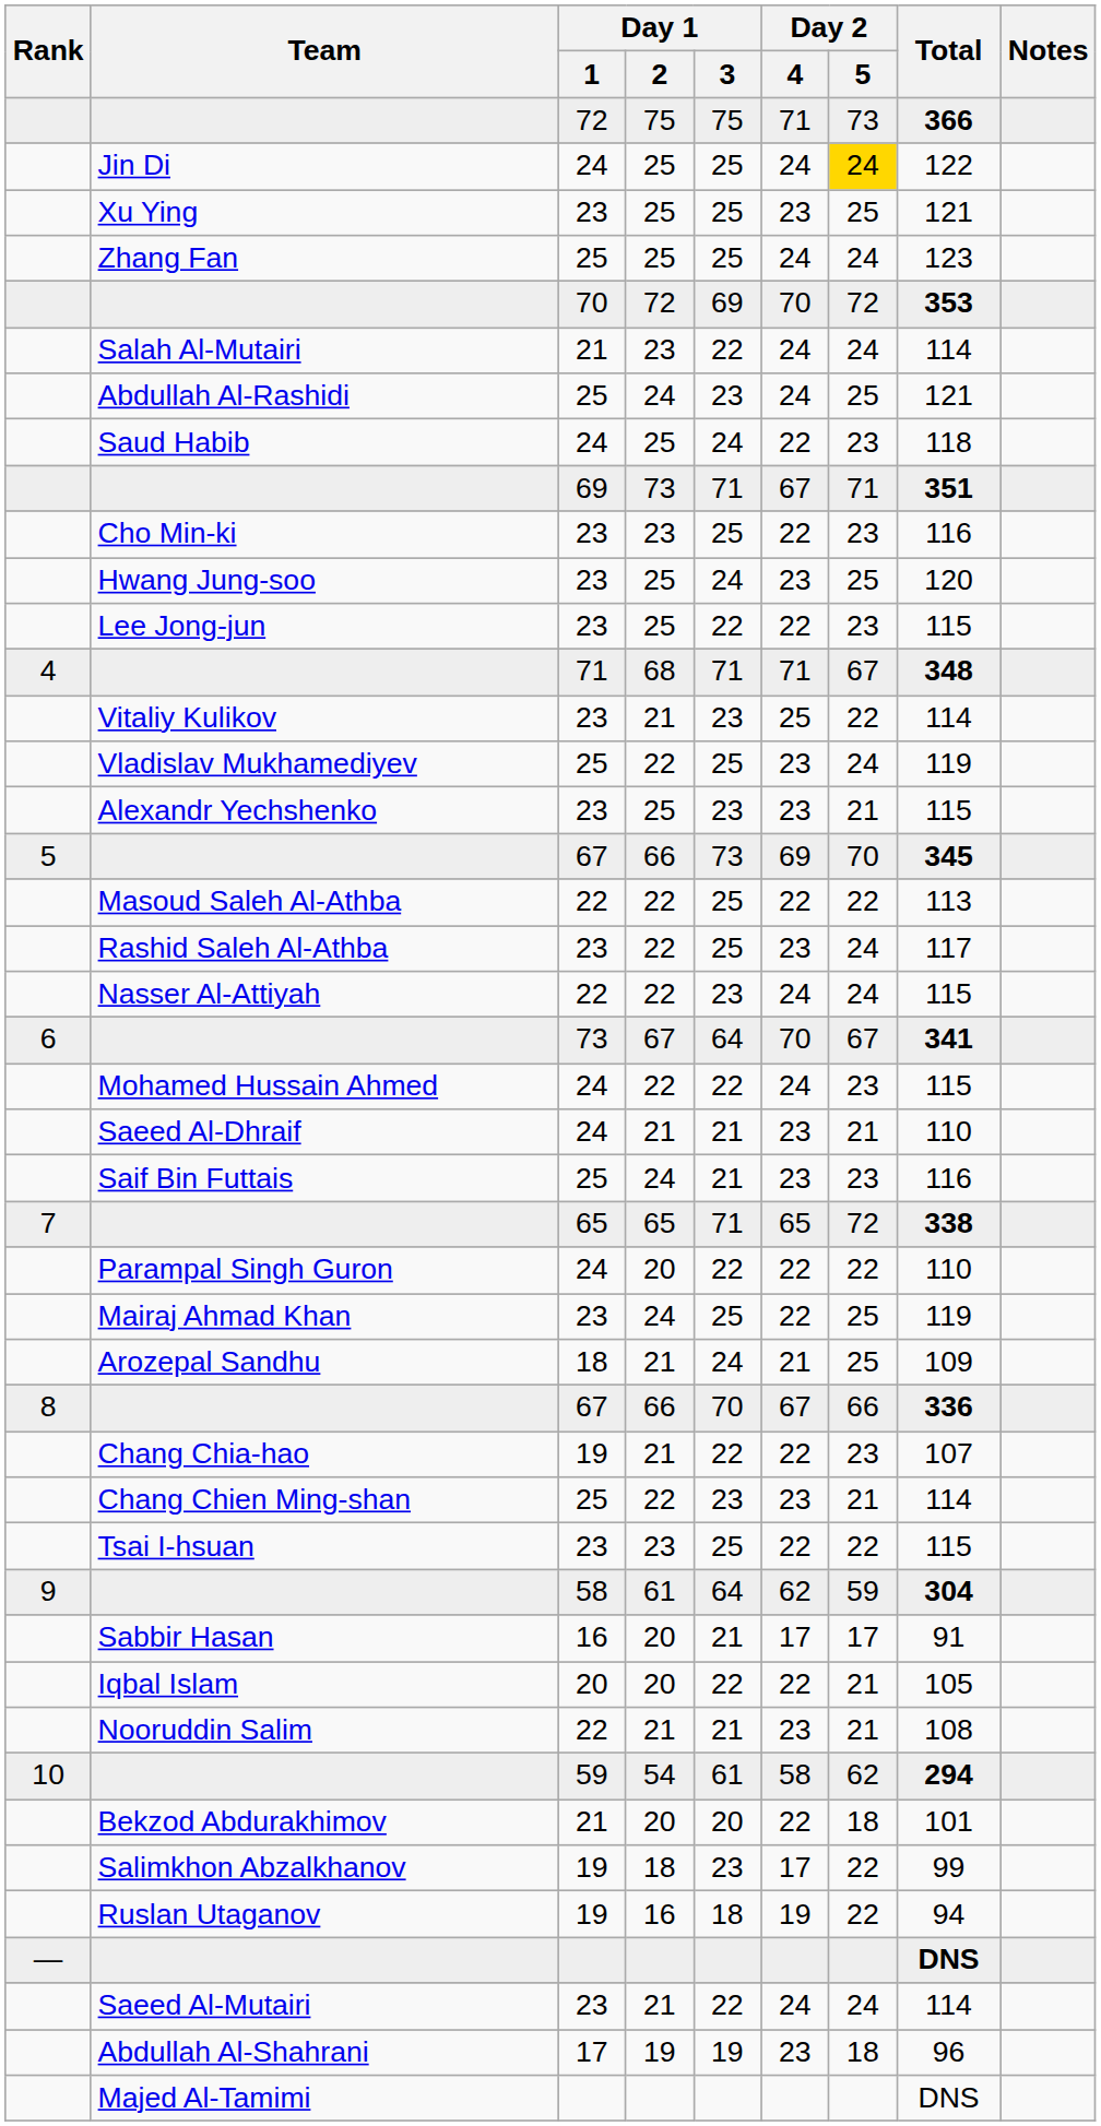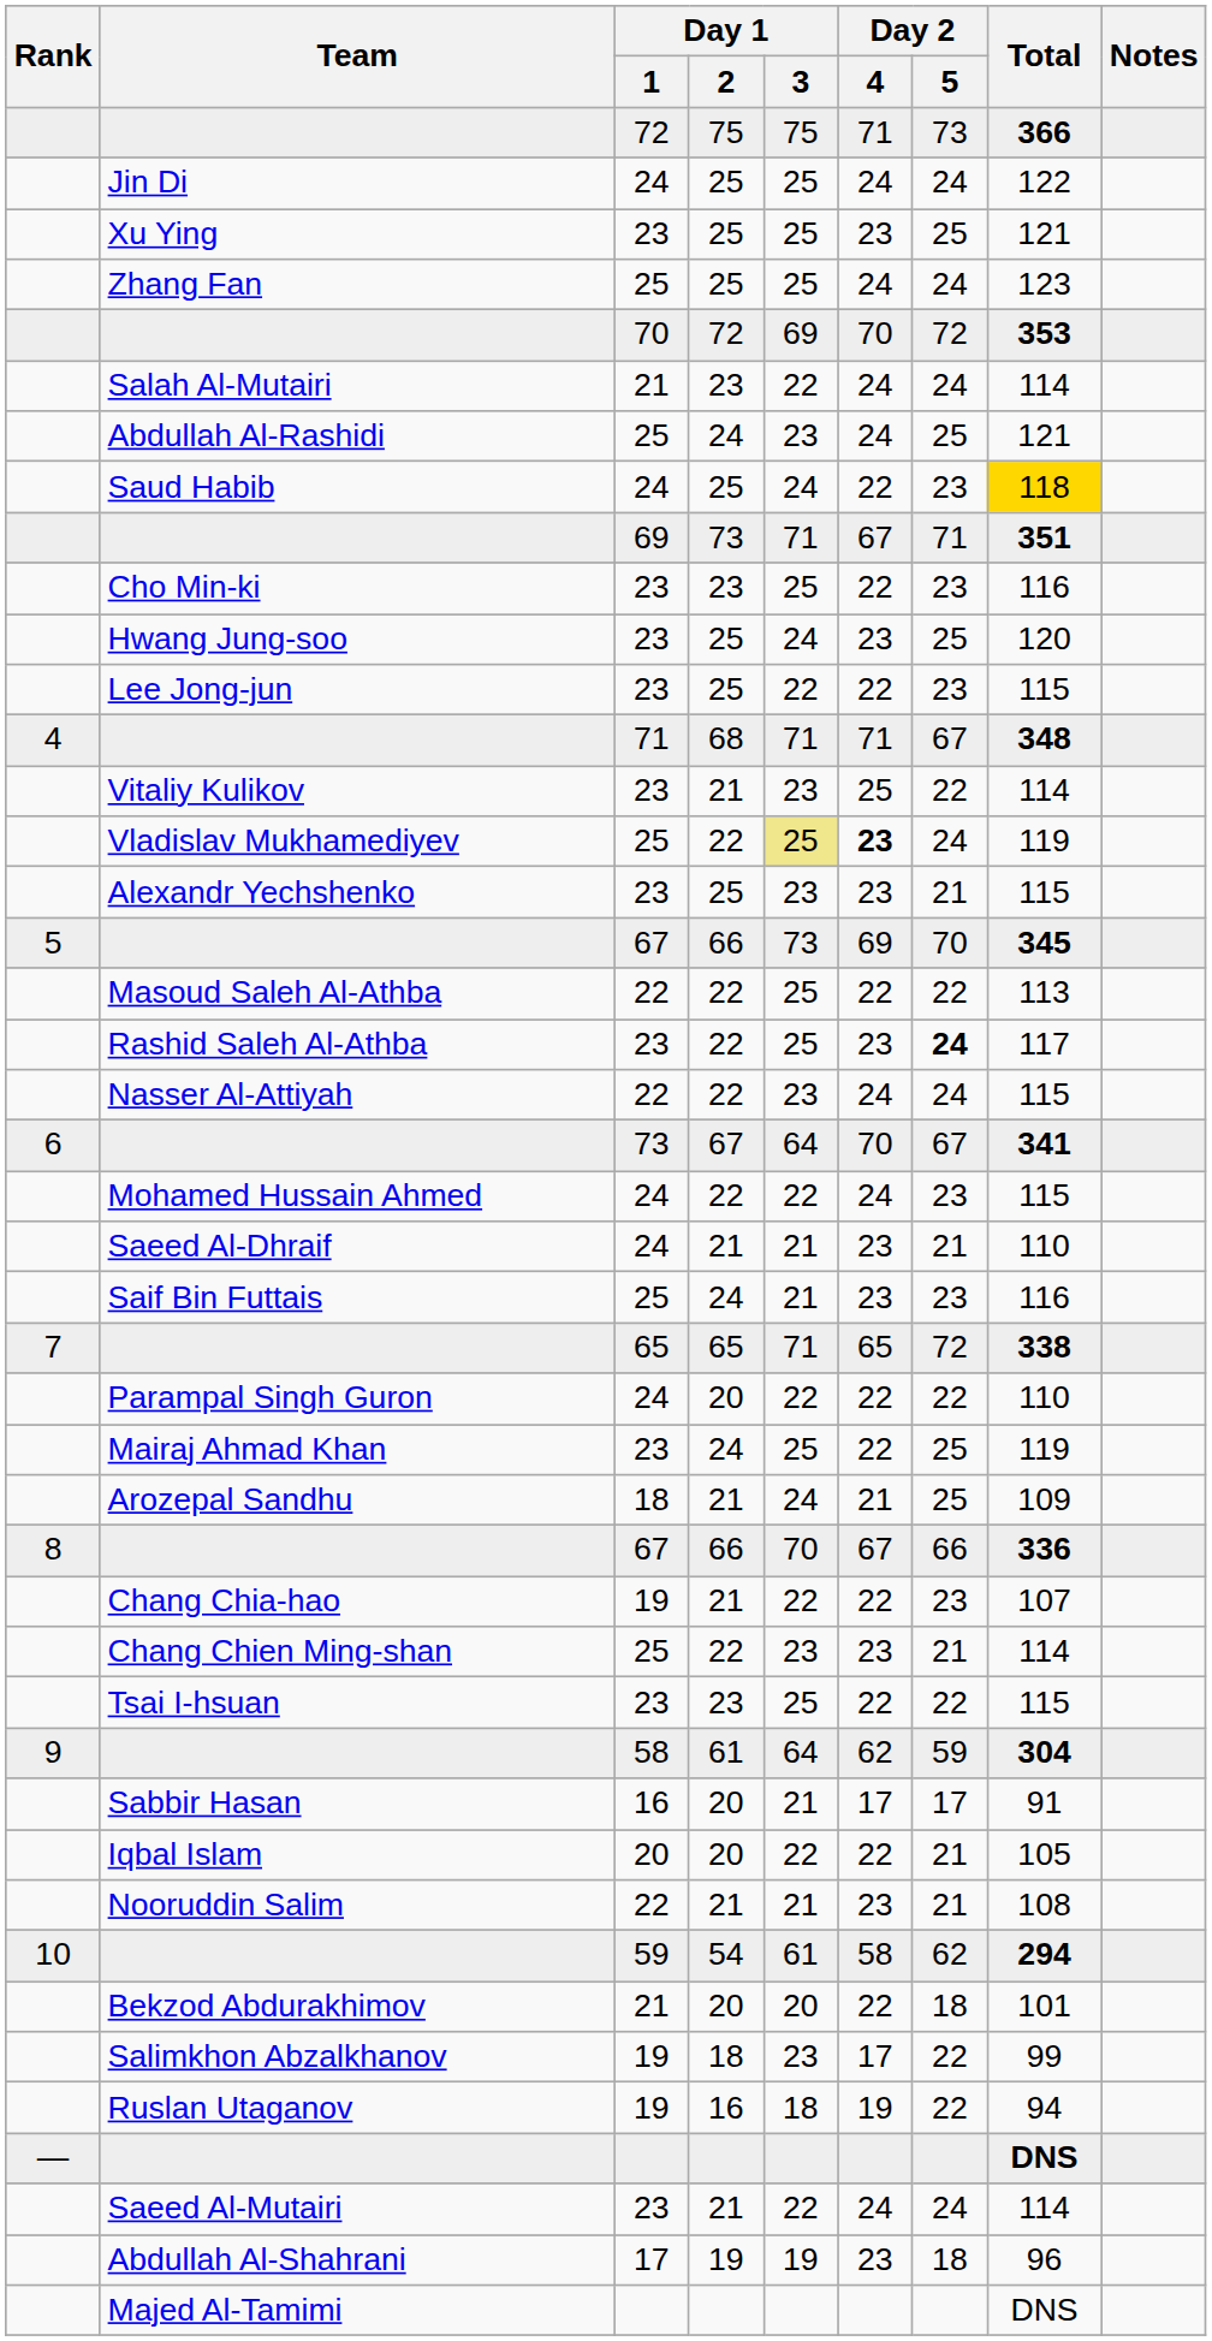 <table class="wikitable" style="text-align:center">
 <tr>
 <th rowspan=2 width=40>Rank</th>
 <th rowspan=2 width=250>Team</th>
 <th colspan=3>Day 1</th>
 <th colspan=2>Day 2</th>
 <th rowspan=2 width=50>Total</th>
 <th rowspan=2 width=45>Notes</th>
 </tr>
 <tr>
 <th width=30>1</th>
 <th width=30>2</th>
 <th width=30>3</th>
 <th width=30>4</th>
 <th width=30>5</th>
 </tr>
 <tr bgcolor=eeeeee>
 <td></td>
 <td align=left></td>
 <td>72</td>
 <td>75</td>
 <td>75</td>
 <td>71</td>
 <td>73</td>
 <td><strong>366</strong></td>
 <td></td>
 </tr>
 <tr>
 <td></td>
 <td align=left><a href='#'>Jin Di</a></td>
 <td>24</td>
 <td>25</td>
 <td>25</td>
 <td>24</td>
-<td style="background: gold;">24</td>
+<td>24</td>
 <td>122</td>
 <td></td>
 </tr>
 <tr>
 <td></td>
 <td align=left><a href='#'>Xu Ying</a></td>
 <td>23</td>
 <td>25</td>
 <td>25</td>
 <td>23</td>
 <td>25</td>
 <td>121</td>
 <td></td>
 </tr>
 <tr>
 <td></td>
 <td align=left><a href='#'>Zhang Fan</a></td>
 <td>25</td>
 <td>25</td>
 <td>25</td>
 <td>24</td>
 <td>24</td>
 <td>123</td>
 <td></td>
 </tr>
 <tr bgcolor=eeeeee>
 <td></td>
 <td align=left></td>
 <td>70</td>
 <td>72</td>
 <td>69</td>
 <td>70</td>
 <td>72</td>
 <td><strong>353</strong></td>
 <td></td>
 </tr>
 <tr>
 <td></td>
 <td align=left><a href='#'>Salah Al-Mutairi</a></td>
 <td>21</td>
 <td>23</td>
 <td>22</td>
 <td>24</td>
 <td>24</td>
 <td>114</td>
 <td></td>
 </tr>
 <tr>
 <td></td>
 <td align=left><a href='#'>Abdullah Al-Rashidi</a></td>
 <td>25</td>
 <td>24</td>
 <td>23</td>
 <td>24</td>
 <td>25</td>
 <td>121</td>
 <td></td>
 </tr>
 <tr>
 <td></td>
 <td align=left><a href='#'>Saud Habib</a></td>
 <td>24</td>
 <td>25</td>
 <td>24</td>
 <td>22</td>
 <td>23</td>
-<td>118</td>
+<td style="background: gold;">118</td>
 <td></td>
 </tr>
 <tr bgcolor=eeeeee>
 <td></td>
 <td align=left></td>
 <td>69</td>
 <td>73</td>
 <td>71</td>
 <td>67</td>
 <td>71</td>
 <td><strong>351</strong></td>
 <td></td>
 </tr>
 <tr>
 <td></td>
 <td align=left><a href='#'>Cho Min-ki</a></td>
 <td>23</td>
 <td>23</td>
 <td>25</td>
 <td>22</td>
 <td>23</td>
 <td>116</td>
 <td></td>
 </tr>
 <tr>
 <td></td>
 <td align=left><a href='#'>Hwang Jung-soo</a></td>
 <td>23</td>
 <td>25</td>
 <td>24</td>
 <td>23</td>
 <td>25</td>
 <td>120</td>
 <td></td>
 </tr>
 <tr>
 <td></td>
 <td align=left><a href='#'>Lee Jong-jun</a></td>
 <td>23</td>
 <td>25</td>
 <td>22</td>
 <td>22</td>
 <td>23</td>
 <td>115</td>
 <td></td>
 </tr>
 <tr bgcolor=eeeeee>
 <td>4</td>
 <td align=left></td>
 <td>71</td>
 <td>68</td>
 <td>71</td>
 <td>71</td>
 <td>67</td>
 <td><strong>348</strong></td>
 <td></td>
 </tr>
 <tr>
 <td></td>
 <td align=left><a href='#'>Vitaliy Kulikov</a></td>
 <td>23</td>
 <td>21</td>
 <td>23</td>
 <td>25</td>
 <td>22</td>
 <td>114</td>
 <td></td>
 </tr>
 <tr>
 <td></td>
 <td align=left><a href='#'>Vladislav Mukhamediyev</a></td>
 <td>25</td>
 <td>22</td>
-<td>25</td>
-<td>23</td>
+<td style="background: khaki;">25</td>
+<td><strong>23</strong></td>
 <td>24</td>
 <td>119</td>
 <td></td>
 </tr>
 <tr>
 <td></td>
 <td align=left><a href='#'>Alexandr Yechshenko</a></td>
 <td>23</td>
 <td>25</td>
 <td>23</td>
 <td>23</td>
 <td>21</td>
 <td>115</td>
 <td></td>
 </tr>
 <tr bgcolor=eeeeee>
 <td>5</td>
 <td align=left></td>
 <td>67</td>
 <td>66</td>
 <td>73</td>
 <td>69</td>
 <td>70</td>
 <td><strong>345</strong></td>
 <td></td>
 </tr>
 <tr>
 <td></td>
 <td align=left><a href='#'>Masoud Saleh Al-Athba</a></td>
 <td>22</td>
 <td>22</td>
 <td>25</td>
 <td>22</td>
 <td>22</td>
 <td>113</td>
 <td></td>
 </tr>
 <tr>
 <td></td>
 <td align=left><a href='#'>Rashid Saleh Al-Athba</a></td>
 <td>23</td>
 <td>22</td>
 <td>25</td>
 <td>23</td>
-<td>24</td>
+<td><strong>24</strong></td>
 <td>117</td>
 <td></td>
 </tr>
 <tr>
 <td></td>
 <td align=left><a href='#'>Nasser Al-Attiyah</a></td>
 <td>22</td>
 <td>22</td>
 <td>23</td>
 <td>24</td>
 <td>24</td>
 <td>115</td>
 <td></td>
 </tr>
 <tr bgcolor=eeeeee>
 <td>6</td>
 <td align=left></td>
 <td>73</td>
 <td>67</td>
 <td>64</td>
 <td>70</td>
 <td>67</td>
 <td><strong>341</strong></td>
 <td></td>
 </tr>
 <tr>
 <td></td>
 <td align=left><a href='#'>Mohamed Hussain Ahmed</a></td>
 <td>24</td>
 <td>22</td>
 <td>22</td>
 <td>24</td>
 <td>23</td>
 <td>115</td>
 <td></td>
 </tr>
 <tr>
 <td></td>
 <td align=left><a href='#'>Saeed Al-Dhraif</a></td>
 <td>24</td>
 <td>21</td>
 <td>21</td>
 <td>23</td>
 <td>21</td>
 <td>110</td>
 <td></td>
 </tr>
 <tr>
 <td></td>
 <td align=left><a href='#'>Saif Bin Futtais</a></td>
 <td>25</td>
 <td>24</td>
 <td>21</td>
 <td>23</td>
 <td>23</td>
 <td>116</td>
 <td></td>
 </tr>
 <tr bgcolor=eeeeee>
 <td>7</td>
 <td align=left></td>
 <td>65</td>
 <td>65</td>
 <td>71</td>
 <td>65</td>
 <td>72</td>
 <td><strong>338</strong></td>
 <td></td>
 </tr>
 <tr>
 <td></td>
 <td align=left><a href='#'>Parampal Singh Guron</a></td>
 <td>24</td>
 <td>20</td>
 <td>22</td>
 <td>22</td>
 <td>22</td>
 <td>110</td>
 <td></td>
 </tr>
 <tr>
 <td></td>
 <td align=left><a href='#'>Mairaj Ahmad Khan</a></td>
 <td>23</td>
 <td>24</td>
 <td>25</td>
 <td>22</td>
 <td>25</td>
 <td>119</td>
 <td></td>
 </tr>
 <tr>
 <td></td>
 <td align=left><a href='#'>Arozepal Sandhu</a></td>
 <td>18</td>
 <td>21</td>
 <td>24</td>
 <td>21</td>
 <td>25</td>
 <td>109</td>
 <td></td>
 </tr>
 <tr bgcolor=eeeeee>
 <td>8</td>
 <td align=left></td>
 <td>67</td>
 <td>66</td>
 <td>70</td>
 <td>67</td>
 <td>66</td>
 <td><strong>336</strong></td>
 <td></td>
 </tr>
 <tr>
 <td></td>
 <td align=left><a href='#'>Chang Chia-hao</a></td>
 <td>19</td>
 <td>21</td>
 <td>22</td>
 <td>22</td>
 <td>23</td>
 <td>107</td>
 <td></td>
 </tr>
 <tr>
 <td></td>
 <td align=left><a href='#'>Chang Chien Ming-shan</a></td>
 <td>25</td>
 <td>22</td>
 <td>23</td>
 <td>23</td>
 <td>21</td>
 <td>114</td>
 <td></td>
 </tr>
 <tr>
 <td></td>
 <td align=left><a href='#'>Tsai I-hsuan</a></td>
 <td>23</td>
 <td>23</td>
 <td>25</td>
 <td>22</td>
 <td>22</td>
 <td>115</td>
 <td></td>
 </tr>
 <tr bgcolor=eeeeee>
 <td>9</td>
 <td align=left></td>
 <td>58</td>
 <td>61</td>
 <td>64</td>
 <td>62</td>
 <td>59</td>
 <td><strong>304</strong></td>
 <td></td>
 </tr>
 <tr>
 <td></td>
 <td align=left><a href='#'>Sabbir Hasan</a></td>
 <td>16</td>
 <td>20</td>
 <td>21</td>
 <td>17</td>
 <td>17</td>
 <td>91</td>
 <td></td>
 </tr>
 <tr>
 <td></td>
 <td align=left><a href='#'>Iqbal Islam</a></td>
 <td>20</td>
 <td>20</td>
 <td>22</td>
 <td>22</td>
 <td>21</td>
 <td>105</td>
 <td></td>
 </tr>
 <tr>
 <td></td>
 <td align=left><a href='#'>Nooruddin Salim</a></td>
 <td>22</td>
 <td>21</td>
 <td>21</td>
 <td>23</td>
 <td>21</td>
 <td>108</td>
 <td></td>
 </tr>
 <tr bgcolor=eeeeee>
 <td>10</td>
 <td align=left></td>
 <td>59</td>
 <td>54</td>
 <td>61</td>
 <td>58</td>
 <td>62</td>
 <td><strong>294</strong></td>
 <td></td>
 </tr>
 <tr>
 <td></td>
 <td align=left><a href='#'>Bekzod Abdurakhimov</a></td>
 <td>21</td>
 <td>20</td>
 <td>20</td>
 <td>22</td>
 <td>18</td>
 <td>101</td>
 <td></td>
 </tr>
 <tr>
 <td></td>
 <td align=left><a href='#'>Salimkhon Abzalkhanov</a></td>
 <td>19</td>
 <td>18</td>
 <td>23</td>
 <td>17</td>
 <td>22</td>
 <td>99</td>
 <td></td>
 </tr>
 <tr>
 <td></td>
 <td align=left><a href='#'>Ruslan Utaganov</a></td>
 <td>19</td>
 <td>16</td>
 <td>18</td>
 <td>19</td>
 <td>22</td>
 <td>94</td>
 <td></td>
 </tr>
 <tr bgcolor=eeeeee>
 <td>—</td>
 <td align=left></td>
 <td></td>
 <td></td>
 <td></td>
 <td></td>
 <td></td>
 <td><strong>DNS</strong></td>
 <td></td>
 </tr>
 <tr>
 <td></td>
 <td align=left><a href='#'>Saeed Al-Mutairi</a></td>
 <td>23</td>
 <td>21</td>
 <td>22</td>
 <td>24</td>
 <td>24</td>
 <td>114</td>
 <td></td>
 </tr>
 <tr>
 <td></td>
 <td align=left><a href='#'>Abdullah Al-Shahrani</a></td>
 <td>17</td>
 <td>19</td>
 <td>19</td>
 <td>23</td>
 <td>18</td>
 <td>96</td>
 <td></td>
 </tr>
 <tr>
 <td></td>
 <td align=left><a href='#'>Majed Al-Tamimi</a></td>
 <td></td>
 <td></td>
 <td></td>
 <td></td>
 <td></td>
 <td>DNS</td>
 <td></td>
 </tr>
 </table>
